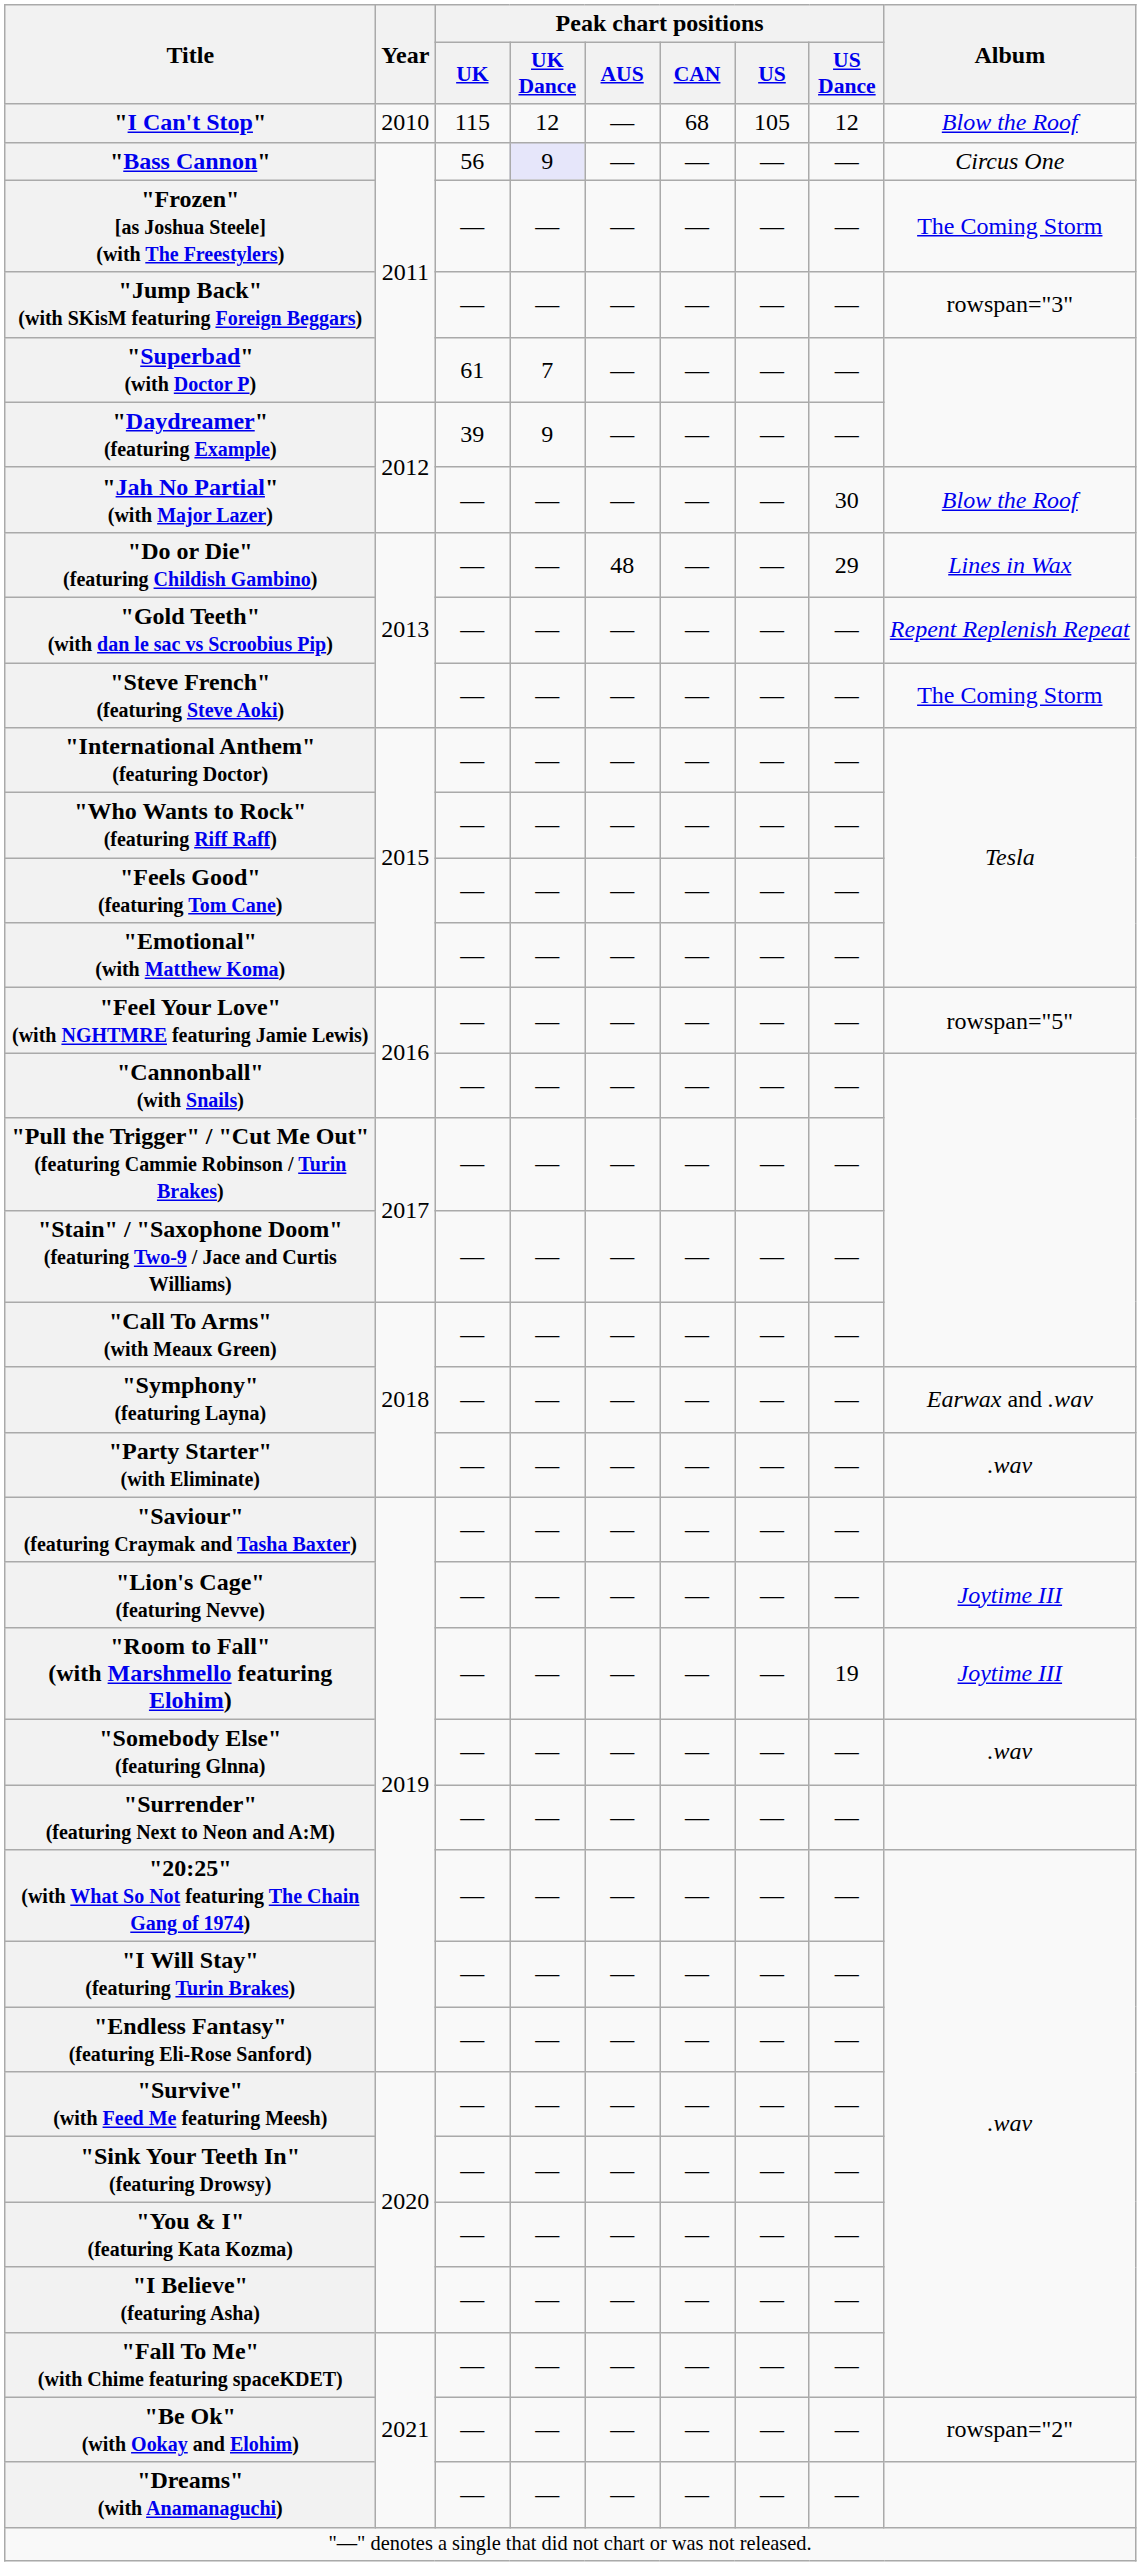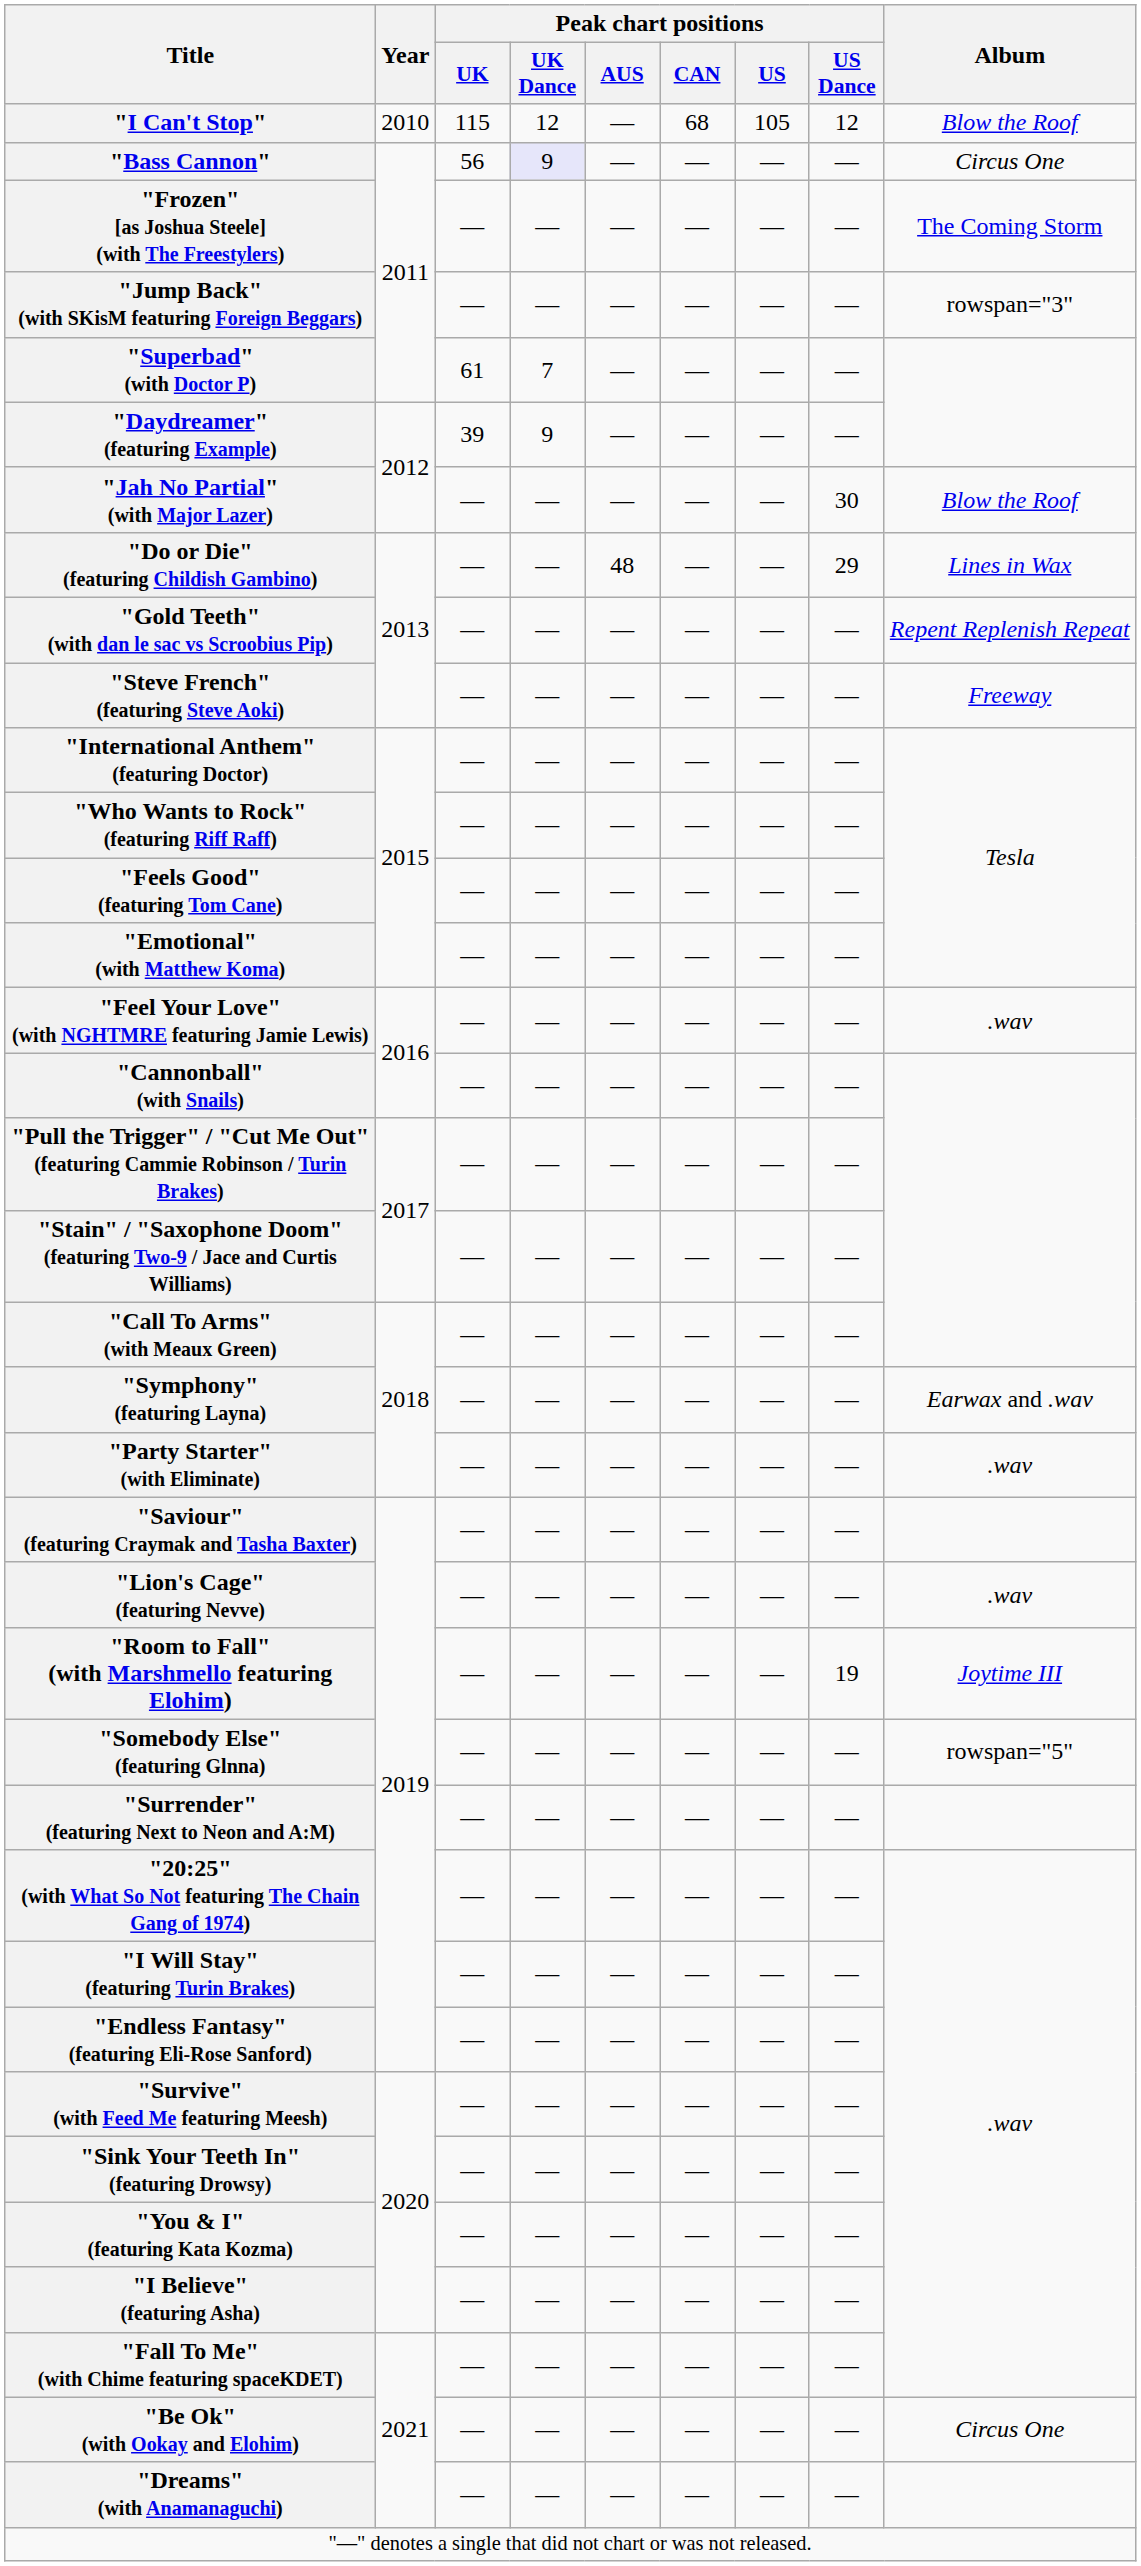 <table class="wikitable plainrowheaders" style="text-align:center;">
 <tr>
 <th scope="col" rowspan="2" style="width:15em;">Title</th>
 <th scope="col" rowspan="2">Year</th>
 <th scope="col" colspan="6">Peak chart positions</th>
 <th scope="col" rowspan="2">Album</th>
 </tr>
 <tr>
 <th scope="col" style="width:3em;font-size:90%;"><a href='#'>UK</a><br></th>
 <th scope="col" style="width:3em;font-size:90%;"><a href='#'>UK<br>Dance</a><br></th>
 <th scope="col" style="width:3em;font-size:90%;"><a href='#'>AUS</a><br></th>
 <th scope="col" style="width:3em;font-size:90%;"><a href='#'>CAN</a><br></th>
 <th scope="col" style="width:3em;font-size:90%;"><a href='#'>US</a><br></th>
 <th scope="col" style="width:3em;font-size:90%;"><a href='#'>US<br>Dance</a><br></th>
 </tr>
 <tr>
 <th scope="row">"<a href='#'>I Can't Stop</a>"</th>
 <td>2010</td>
 <td>115</td>
 <td>12</td>
 <td>—</td>
 <td>68</td>
 <td>105</td>
 <td>12</td>
 <td><em><a href='#'>Blow the Roof</a></em></td>
 </tr>
 <tr>
 <th scope="row">"<a href='#'>Bass Cannon</a>"</th>
 <td rowspan="4">2011</td>
 <td>56</td>
 <td style="background: lavender;">9</td>
 <td>—</td>
 <td>—</td>
 <td>—</td>
 <td>—</td>
 <td><em>Circus One</em></td>
 </tr>
 <tr>
 <th scope="row">"Frozen"<br><small>[as Joshua Steele]</small><br><small>(with <a href='#'>The Freestylers</a>)</small></th>
 <td>—</td>
 <td>—</td>
 <td>—</td>
 <td>—</td>
 <td>—</td>
 <td>—</td>
 <td><a href='#'>The Coming Storm</a></td>
 </tr>
 <tr>
 <th scope="row">"Jump Back"<br><small>(with SKisM featuring <a href='#'>Foreign Beggars</a>)</small></th>
 <td>—</td>
 <td>—</td>
 <td>—</td>
 <td>—</td>
 <td>—</td>
 <td>—</td>
 <td>rowspan="3" </td>
 </tr>
 <tr>
 <th scope="row">"<a href='#'>Superbad</a>"<br><small>(with <a href='#'>Doctor P</a>)</small></th>
 <td>61</td>
 <td>7</td>
 <td>—</td>
 <td>—</td>
 <td>—</td>
 <td>—</td>
 </tr>
 <tr>
 <th scope="row">"<a href='#'>Daydreamer</a>"<br><small>(featuring <a href='#'>Example</a>)</small></th>
 <td rowspan="2">2012</td>
 <td>39</td>
 <td>9</td>
 <td>—</td>
 <td>—</td>
 <td>—</td>
 <td>—</td>
 </tr>
 <tr>
 <th scope="row">"<a href='#'>Jah No Partial</a>"<br><small>(with <a href='#'>Major Lazer</a>)</small></th>
 <td>—</td>
 <td>—</td>
 <td>—</td>
 <td>—</td>
 <td>—</td>
 <td>30</td>
 <td><em><a href='#'>Blow the Roof</a></em></td>
 </tr>
 <tr>
 <th scope="row">"Do or Die"<br><small>(featuring <a href='#'>Childish Gambino</a>)</small></th>
 <td rowspan="3">2013</td>
 <td>—</td>
 <td>—</td>
 <td>48</td>
 <td>—</td>
 <td>—</td>
 <td>29</td>
 <td><em><a href='#'>Lines in Wax</a></em></td>
 </tr>
 <tr>
 <th scope="row">"Gold Teeth"<br><small>(with <a href='#'>dan le sac vs Scroobius Pip</a>)</small></th>
 <td>—</td>
 <td>—</td>
 <td>—</td>
 <td>—</td>
 <td>—</td>
 <td>—</td>
 <td><em><a href='#'>Repent Replenish Repeat</a></em></td>
 </tr>
 <tr>
 <th scope="row">"Steve French"<br><small>(featuring <a href='#'>Steve Aoki</a>)</small></th>
 <td>—</td>
 <td>—</td>
 <td>—</td>
 <td>—</td>
 <td>—</td>
 <td>—</td>
-<td><a href='#'>The Coming Storm</a></td>
+<td><a href='#'><em>Freeway</em></a></td>
 </tr>
 <tr>
 <th scope="row">"International Anthem"<br><small>(featuring Doctor)</small></th>
 <td rowspan="4">2015</td>
 <td>—</td>
 <td>—</td>
 <td>—</td>
 <td>—</td>
 <td>—</td>
 <td>—</td>
 <td rowspan="4"><em>Tesla</em></td>
 </tr>
 <tr>
 <th scope="row">"Who Wants to Rock"<br><small>(featuring <a href='#'>Riff Raff</a>)</small></th>
 <td>—</td>
 <td>—</td>
 <td>—</td>
 <td>—</td>
 <td>—</td>
 <td>—</td>
 </tr>
 <tr>
 <th scope="row">"Feels Good"<br><small>(featuring <a href='#'>Tom Cane</a>)</small></th>
 <td>—</td>
 <td>—</td>
 <td>—</td>
 <td>—</td>
 <td>—</td>
 <td>—</td>
 </tr>
 <tr>
 <th scope="row">"Emotional"<br><small>(with <a href='#'>Matthew Koma</a>)</small></th>
 <td>—</td>
 <td>—</td>
 <td>—</td>
 <td>—</td>
 <td>—</td>
 <td>—</td>
 </tr>
 <tr>
 <th scope="row">"Feel Your Love"<br><small>(with <a href='#'>NGHTMRE</a> featuring Jamie Lewis)</small></th>
 <td rowspan="2">2016</td>
 <td>—</td>
 <td>—</td>
 <td>—</td>
 <td>—</td>
 <td>—</td>
 <td>—</td>
-<td>rowspan="5" </td>
+<td><em>.wav</em></td>
 </tr>
 <tr>
 <th scope="row">"Cannonball"<br><small>(with <a href='#'>Snails</a>)</small></th>
 <td>—</td>
 <td>—</td>
 <td>—</td>
 <td>—</td>
 <td>—</td>
 <td>—</td>
 </tr>
 <tr>
 <th scope="row">"Pull the Trigger" / "Cut Me Out"<br><small>(featuring Cammie Robinson / <a href='#'>Turin Brakes</a>)</small></th>
 <td rowspan="2">2017</td>
 <td>—</td>
 <td>—</td>
 <td>—</td>
 <td>—</td>
 <td>—</td>
 <td>—</td>
 </tr>
 <tr>
 <th scope="row">"Stain" / "Saxophone Doom"<br><small>(featuring <a href='#'>Two-9</a> / Jace and Curtis Williams)</small></th>
 <td>—</td>
 <td>—</td>
 <td>—</td>
 <td>—</td>
 <td>—</td>
 <td>—</td>
 </tr>
 <tr>
 <th scope="row">"Call To Arms" <br><small>(with Meaux Green)</small></th>
 <td rowspan="3">2018</td>
 <td>—</td>
 <td>—</td>
 <td>—</td>
 <td>—</td>
 <td>—</td>
 <td>—</td>
 </tr>
 <tr>
 <th scope="row">"Symphony" <br><small>(featuring Layna)</small></th>
 <td>—</td>
 <td>—</td>
 <td>—</td>
 <td>—</td>
 <td>—</td>
 <td>—</td>
 <td><em>Earwax</em> and <em>.wav</em></td>
 </tr>
 <tr>
 <th scope="row">"Party Starter" <br><small>(with Eliminate)</small></th>
 <td>—</td>
 <td>—</td>
 <td>—</td>
 <td>—</td>
 <td>—</td>
 <td>—</td>
 <td><em>.wav</em></td>
 </tr>
 <tr>
 <th scope="row">"Saviour" <br><small>(featuring Craymak and <a href='#'>Tasha Baxter</a>)</small></th>
 <td rowspan="8">2019</td>
 <td>—</td>
 <td>—</td>
 <td>—</td>
 <td>—</td>
 <td>—</td>
 <td>—</td>
 </tr>
 <tr>
 <th scope="row">"Lion's Cage" <br><small>(featuring Nevve)</small></th>
 <td>—</td>
 <td>—</td>
 <td>—</td>
 <td>—</td>
 <td>—</td>
 <td>—</td>
-<td><em><a href='#'>Joytime III</a></em></td>
+<td><em>.wav</em></td>
 </tr>
 <tr>
 <th scope="row">"Room to Fall" <br><span>(with <a href='#'>Marshmello</a> featuring <a href='#'>Elohim</a>)</span></th>
 <td>—</td>
 <td>—</td>
 <td>—</td>
 <td>—</td>
 <td>—</td>
 <td>19</td>
 <td><em><a href='#'>Joytime III</a></em></td>
 </tr>
 <tr>
 <th scope="row">"Somebody Else" <br><small>(featuring Glnna)</small></th>
 <td>—</td>
 <td>—</td>
 <td>—</td>
 <td>—</td>
 <td>—</td>
 <td>—</td>
-<td><em>.wav</em></td>
+<td>rowspan="5" </td>
 </tr>
 <tr>
 <th scope="row">"Surrender" <br><small>(featuring Next to Neon and A:M)</small></th>
 <td>—</td>
 <td>—</td>
 <td>—</td>
 <td>—</td>
 <td>—</td>
 <td>—</td>
 <td></td>
 </tr>
 <tr>
 <th scope="row">"20:25" <br><small>(with <a href='#'>What So Not</a> featuring <a href='#'>The Chain Gang of 1974</a>)</small></th>
 <td>—</td>
 <td>—</td>
 <td>—</td>
 <td>—</td>
 <td>—</td>
 <td>—</td>
 <td rowspan="8"><em>.wav</em></td>
 </tr>
 <tr>
 <th scope="row">"I Will Stay" <br><small>(featuring <a href='#'>Turin Brakes</a>)</small></th>
 <td>—</td>
 <td>—</td>
 <td>—</td>
 <td>—</td>
 <td>—</td>
 <td>—</td>
 </tr>
 <tr>
 <th scope="row">"Endless Fantasy" <br><small>(featuring Eli-Rose Sanford)</small></th>
 <td>—</td>
 <td>—</td>
 <td>—</td>
 <td>—</td>
 <td>—</td>
 <td>—</td>
 </tr>
 <tr>
 <th scope="row">"Survive" <br><small>(with <a href='#'>Feed Me</a> featuring Meesh)</small></th>
 <td rowspan="4">2020</td>
 <td>—</td>
 <td>—</td>
 <td>—</td>
 <td>—</td>
 <td>—</td>
 <td>—</td>
 </tr>
 <tr>
 <th scope="row">"Sink Your Teeth In" <br><small>(featuring Drowsy)</small></th>
 <td>—</td>
 <td>—</td>
 <td>—</td>
 <td>—</td>
 <td>—</td>
 <td>—</td>
 </tr>
 <tr>
 <th scope="row">"You & I" <br><small>(featuring Kata Kozma)</small></th>
 <td>—</td>
 <td>—</td>
 <td>—</td>
 <td>—</td>
 <td>—</td>
 <td>—</td>
 </tr>
 <tr>
 <th scope="row">"I Believe" <br><small>(featuring Asha)</small></th>
 <td>—</td>
 <td>—</td>
 <td>—</td>
 <td>—</td>
 <td>—</td>
 <td>—</td>
 </tr>
 <tr>
 <th scope="row">"Fall To Me" <br><small>(with Chime featuring spaceKDET)</small></th>
 <td rowspan="3">2021</td>
 <td>—</td>
 <td>—</td>
 <td>—</td>
 <td>—</td>
 <td>—</td>
 <td>—</td>
 </tr>
 <tr>
 <th scope="row">"Be Ok" <br><small>(with <a href='#'>Ookay</a> and <a href='#'>Elohim</a>)</small></th>
 <td>—</td>
 <td>—</td>
 <td>—</td>
 <td>—</td>
 <td>—</td>
 <td>—</td>
-<td>rowspan="2" </td>
+<td><em>Circus One</em></td>
 </tr>
 <tr>
 <th scope="row">"Dreams" <br><small>(with <a href='#'>Anamanaguchi</a>)</small></th>
 <td>—</td>
 <td>—</td>
 <td>—</td>
 <td>—</td>
 <td>—</td>
 <td>—</td>
 </tr>
 <tr>
 <td colspan="9" style="font-size:85%">"—" denotes a single that did not chart or was not released.</td>
 </tr>
 </table>
